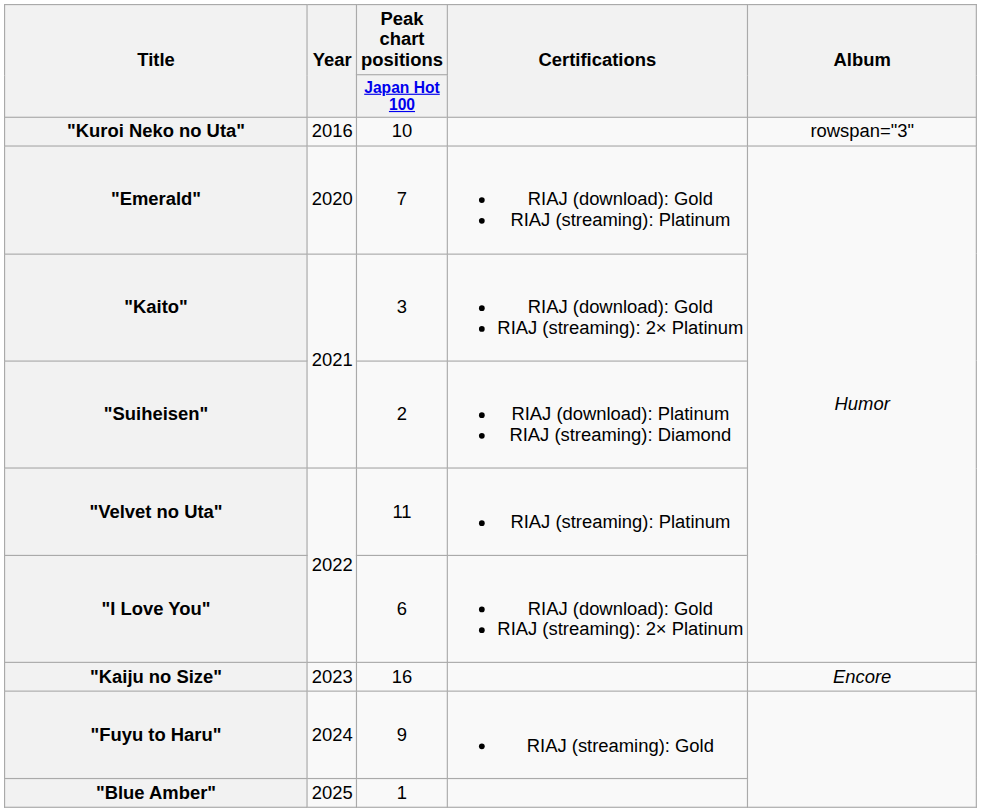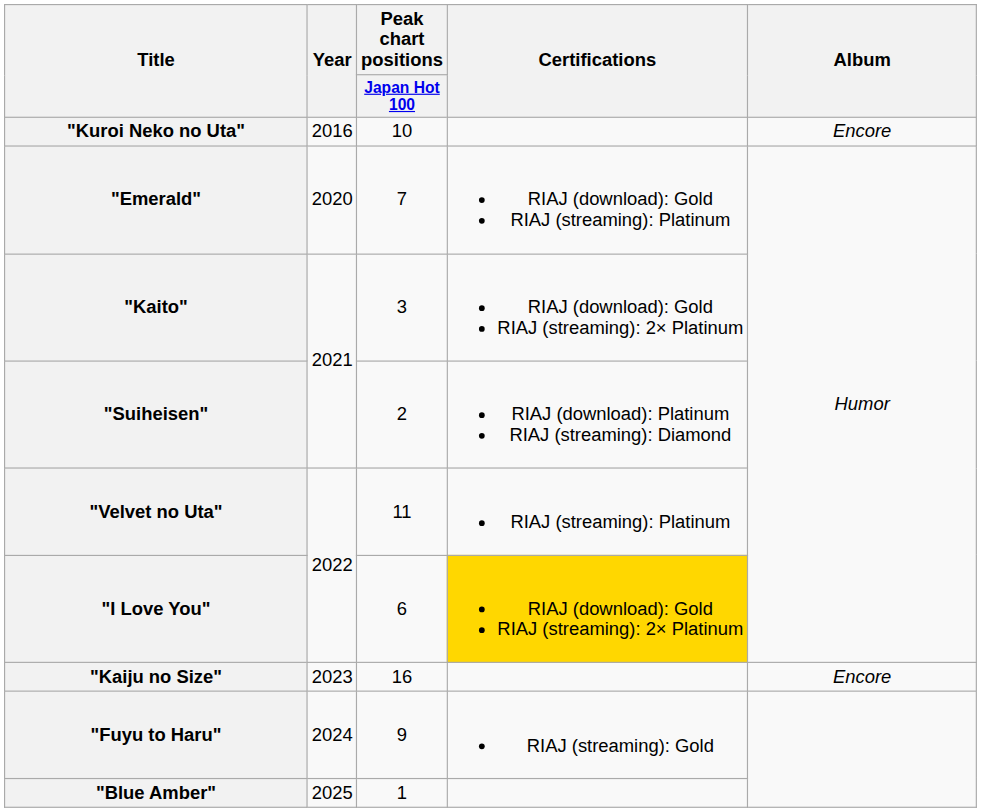 <table class="wikitable plainrowheaders" style="text-align:center;">
 <tr>
 <th scope="col" rowspan="2" style="width:16em;">Title</th>
 <th scope="col" rowspan="2">Year</th>
 <th scope="col">Peak chart positions</th>
 <th rowspan="2" scope="col">Certifications</th>
 <th rowspan="2" scope="col" style="width:12em;">Album</th>
 </tr>
 <tr>
 <th style="width:2em;font-size:85%"><a href='#'>Japan Hot 100</a><br></th>
 </tr>
 <tr>
 <th scope="row">"Kuroi Neko no Uta"</th>
 <td>2016</td>
 <td>10</td>
 <td></td>
-<td>rowspan="3" </td>
+<td><em>Encore</em></td>
 </tr>
 <tr>
 <th scope="row">"Emerald"</th>
 <td>2020</td>
 <td>7</td>
 <td><br><ul><li>RIAJ <span>(download)</span>: Gold</li><li>RIAJ <span>(streaming)</span>: Platinum</li></ul></td>
 <td rowspan="5"><em>Humor</em></td>
 </tr>
 <tr>
 <th scope="row">"Kaito"</th>
 <td rowspan=2>2021</td>
 <td>3</td>
 <td><br><ul><li>RIAJ <span>(download)</span>: Gold</li><li>RIAJ <span>(streaming)</span>: 2× Platinum</li></ul></td>
 </tr>
 <tr>
 <th scope="row">"Suiheisen"</th>
 <td>2</td>
 <td><br><ul><li>RIAJ <span>(download)</span>: Platinum</li><li>RIAJ <span>(streaming)</span>: Diamond</li></ul></td>
 </tr>
 <tr>
 <th scope="row">"Velvet no Uta"</th>
 <td rowspan=2>2022</td>
 <td>11</td>
 <td><br><ul><li>RIAJ <span>(streaming)</span>: Platinum</li></ul></td>
 </tr>
 <tr>
 <th scope="row">"I Love You"</th>
 <td>6</td>
-<td><br><ul><li>RIAJ <span>(download)</span>: Gold</li><li>RIAJ <span>(streaming)</span>: 2× Platinum</li></ul></td>
+<td style="background: gold;"><br><ul><li>RIAJ <span>(download)</span>: Gold</li><li>RIAJ <span>(streaming)</span>: 2× Platinum</li></ul></td>
 </tr>
 <tr>
 <th scope="row">"Kaiju no Size"</th>
 <td>2023</td>
 <td>16</td>
 <td></td>
 <td><em>Encore</em></td>
 </tr>
 <tr>
 <th scope="row">"Fuyu to Haru"</th>
 <td>2024</td>
 <td>9</td>
 <td><br><ul><li>RIAJ <span>(streaming)</span>: Gold</li></ul></td>
 </tr>
 <tr>
 <th scope="row">"Blue Amber"</th>
 <td>2025</td>
 <td>1</td>
 <td></td>
 </tr>
 </table>
